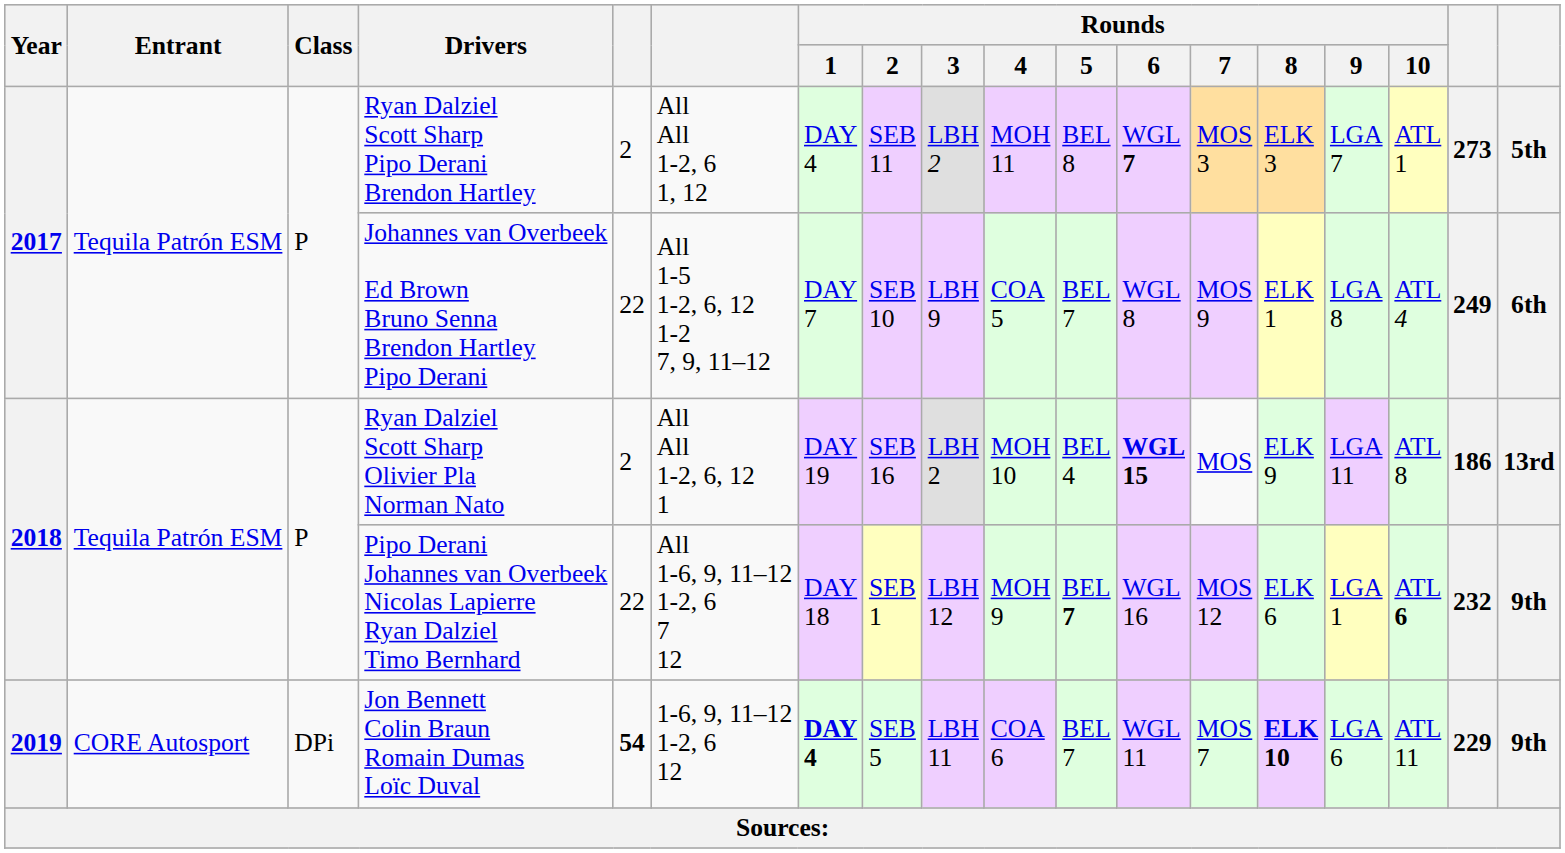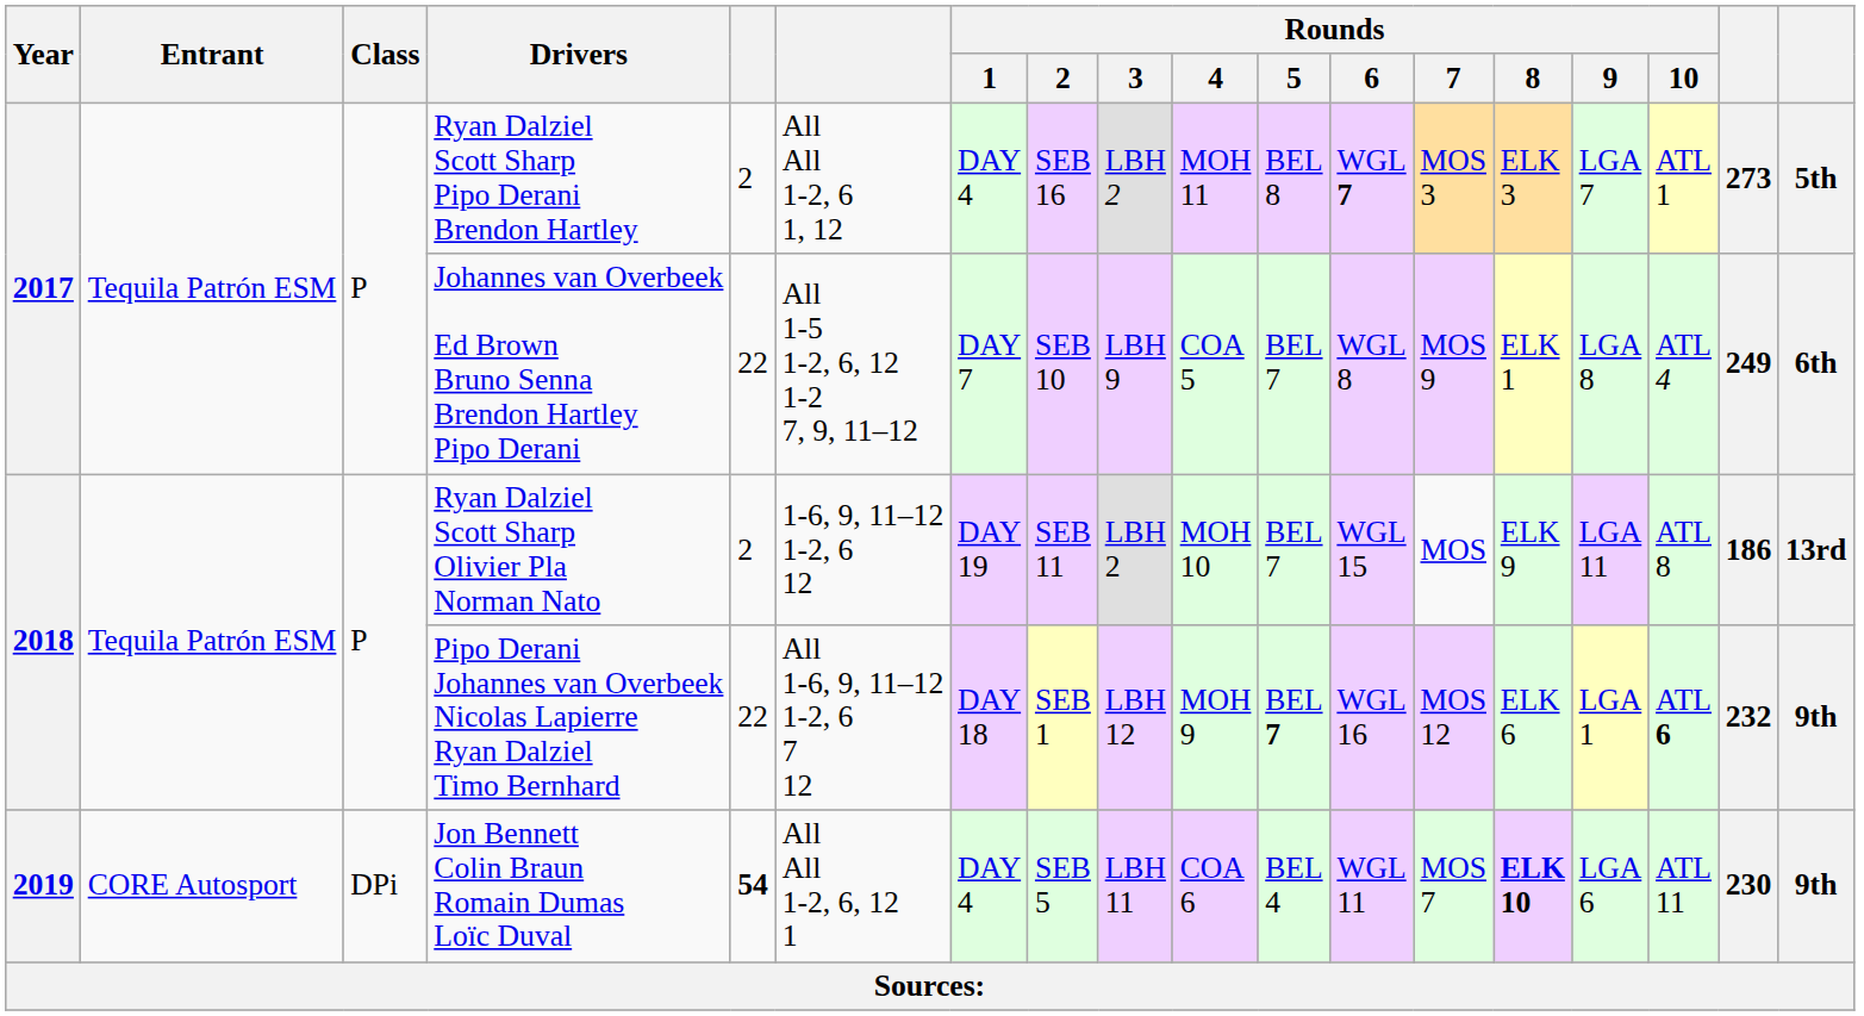 <table class="wikitable">
 <tr>
 <th rowspan="2">Year</th>
 <th rowspan="2">Entrant</th>
 <th rowspan="2">Class</th>
 <th rowspan="2">Drivers</th>
 <th rowspan="2"></th>
 <th rowspan="2"></th>
 <th colspan="10">Rounds</th>
 <th rowspan="2"></th>
 <th rowspan="2"></th>
 </tr>
 <tr>
 <th>1</th>
 <th>2</th>
 <th>3</th>
 <th>4</th>
 <th>5</th>
 <th>6</th>
 <th>7</th>
 <th>8</th>
 <th>9</th>
 <th>10</th>
 </tr>
 <tr>
 <th rowspan="2"><a href='#'>2017</a></th>
 <td rowspan="2"> <a href='#'>Tequila Patrón ESM</a></td>
 <td rowspan="2">P</td>
 <td> <a href='#'>Ryan Dalziel</a><br> <a href='#'>Scott Sharp</a><br> <a href='#'>Pipo Derani</a><br> <a href='#'>Brendon Hartley</a></td>
 <td>2</td>
 <td>All<br>All<br>1-2, 6<br>1, 12</td>
 <td style="background:#DFFFDF;"><a href='#'>DAY</a><br>4</td>
-<td style="background:#EFCFFF;"><a href='#'>SEB</a><br>11</td>
+<td style="background:#EFCFFF;"><a href='#'>SEB</a><br>16</td>
 <td style="background:#DFDFDF;”"><em><a href='#'></em>LBH<em></a><br>2</em></td>
 <td style="background:#EFCFFF;"><a href='#'>MOH</a><br>11</td>
 <td style="background:#EFCFFF;"><a href='#'>BEL</a><br>8</td>
 <td style="background:#EFCFFF;"><strong><a href='#'></strong>WGL<strong></a><br>7</strong></td>
 <td style="background:#FFDF9F;”"><a href='#'>MOS</a><br>3</td>
 <td style="background:#FFDF9F;”"><a href='#'>ELK</a><br>3</td>
 <td style="background:#DFFFDF;"><a href='#'>LGA</a><br>7</td>
 <td style="background:#FFFFBF;”"><a href='#'>ATL</a><br>1</td>
 <th>273</th>
 <th>5th</th>
 </tr>
 <tr>
 <td> <a href='#'>Johannes van Overbeek</a><br><br> <a href='#'>Ed Brown</a><br> <a href='#'>Bruno Senna</a><br> <a href='#'>Brendon Hartley</a><br> <a href='#'>Pipo Derani</a></td>
 <td>22</td>
 <td>All<br>1-5<br>1-2, 6, 12<br>1-2<br>7, 9, 11–12</td>
 <td style="background:#DFFFDF;"><a href='#'>DAY</a><br>7</td>
 <td style="background:#EFCFFF;"><a href='#'>SEB</a><br>10</td>
 <td style="background:#EFCFFF;"><a href='#'>LBH</a><br>9</td>
 <td style="background:#DFFFDF;"><a href='#'>COA</a><br>5</td>
 <td style="background:#DFFFDF;"><a href='#'>BEL</a><br>7</td>
 <td style="background:#EFCFFF;"><a href='#'>WGL</a><br>8</td>
 <td style="background:#EFCFFF;"><a href='#'>MOS</a><br>9</td>
 <td style="background:#FFFFBF;"><a href='#'>ELK</a><br>1</td>
 <td style="background:#DFFFDF;"><a href='#'>LGA</a><br>8</td>
 <td style="background:#DFFFDF;"><em><a href='#'></em>ATL<em></a><br>4</em></td>
 <th>249</th>
 <th>6th</th>
 </tr>
 <tr>
 <th rowspan="2"><a href='#'>2018</a></th>
 <td rowspan="2"> <a href='#'>Tequila Patrón ESM</a></td>
 <td rowspan="2">P</td>
 <td> <a href='#'>Ryan Dalziel</a><br> <a href='#'>Scott Sharp</a><br> <a href='#'>Olivier Pla</a><br> <a href='#'>Norman Nato</a></td>
 <td>2</td>
-<td>All<br>All<br>1-2, 6, 12<br>1</td>
+<td>1-6, 9, 11–12<br>1-2, 6<br>12</td>
 <td style="background:#EFCFFF;"><a href='#'>DAY</a><br>19</td>
-<td style="background:#EFCFFF;"><a href='#'>SEB</a><br>16</td>
+<td style="background:#EFCFFF;"><a href='#'>SEB</a><br>11</td>
 <td style="background:#DFDFDF;”"><a href='#'>LBH</a><br>2</td>
 <td style="background:#DFFFDF;"><a href='#'>MOH</a><br>10</td>
-<td style="background:#DFFFDF;"><a href='#'>BEL</a><br>4</td>
-<td style="background:#EFCFFF;"><strong><a href='#'>WGL</a><br>15</strong></td>
+<td style="background:#DFFFDF;"><a href='#'>BEL</a><br>7</td>
+<td style="background:#EFCFFF;"><a href='#'>WGL</a><br>15</td>
 <td><a href='#'>MOS</a><br></td>
 <td style="background:#DFFFDF;"><a href='#'>ELK</a><br>9</td>
 <td style="background:#EFCFFF;"><a href='#'>LGA</a><br>11</td>
 <td style="background:#DFFFDF;"><a href='#'>ATL</a><br>8</td>
 <th>186</th>
 <th>13rd</th>
 </tr>
 <tr>
 <td> <a href='#'>Pipo Derani</a><br> <a href='#'>Johannes van Overbeek</a><br> <a href='#'>Nicolas Lapierre</a><br> <a href='#'>Ryan Dalziel</a><br> <a href='#'>Timo Bernhard</a></td>
 <td>22</td>
 <td>All<br>1-6, 9, 11–12<br>1-2, 6<br>7<br>12</td>
 <td style="background:#EFCFFF;"><a href='#'>DAY</a><br>18</td>
 <td style="background:#FFFFBF;”"><a href='#'>SEB</a><br>1</td>
 <td style="background:#EFCFFF;"><a href='#'>LBH</a><br>12</td>
 <td style="background:#DFFFDF;"><a href='#'>MOH</a><br>9</td>
 <td style="background:#DFFFDF;"><strong><a href='#'></strong>BEL<strong></a><br>7</strong></td>
 <td style="background:#EFCFFF;"><a href='#'>WGL</a><br>16</td>
 <td style="background:#EFCFFF;"><a href='#'>MOS</a><br>12</td>
 <td style="background:#DFFFDF;"><a href='#'>ELK</a><br>6</td>
 <td style="background:#FFFFBF;”"><a href='#'>LGA</a><br>1</td>
 <td style="background:#DFFFDF;"><strong><a href='#'></strong>ATL<strong></a><br>6</strong></td>
 <th>232</th>
 <th>9th</th>
 </tr>
 <tr>
 <th><a href='#'>2019</a></th>
 <td> <a href='#'>CORE Autosport</a></td>
 <td>DPi</td>
 <td> <a href='#'>Jon Bennett</a><br> <a href='#'>Colin Braun</a><br> <a href='#'>Romain Dumas</a><br> <a href='#'>Loïc Duval</a></td>
 <td><strong>54</strong></td>
-<td>1-6, 9, 11–12<br>1-2, 6<br>12</td>
-<td style="background:#DFFFDF;"><strong><a href='#'>DAY</a><br>4</strong></td>
+<td>All<br>All<br>1-2, 6, 12<br>1</td>
+<td style="background:#DFFFDF;"><a href='#'>DAY</a><br>4</td>
 <td style="background:#DFFFDF;"><a href='#'>SEB</a><br>5</td>
 <td style="background:#EFCFFF;"><a href='#'>LBH</a><br>11</td>
 <td style="background:#EFCFFF;"><a href='#'>COA</a><br>6</td>
-<td style="background:#DFFFDF;"><a href='#'>BEL</a><br>7</td>
+<td style="background:#DFFFDF;"><a href='#'>BEL</a><br>4</td>
 <td style="background:#EFCFFF;"><a href='#'>WGL</a><br>11</td>
 <td style="background:#DFFFDF;"><a href='#'>MOS</a><br>7</td>
 <td style="background:#EFCFFF;"><strong><a href='#'>ELK</a><br>10</strong></td>
 <td style="background:#DFFFDF;"><a href='#'>LGA</a><br>6</td>
 <td style="background:#DFFFDF;"><a href='#'>ATL</a><br>11</td>
-<th>229</th>
+<th>230</th>
 <th>9th</th>
 </tr>
 <tr>
 <th colspan="18">Sources:</th>
 </tr>
 </table>
